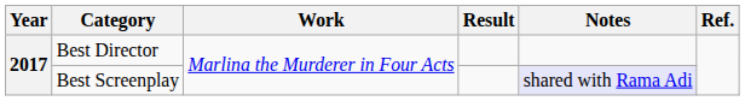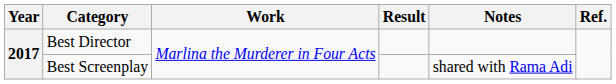 <table class="wikitable plainrowheaders sortable">
 <tr>
 <th>Year</th>
 <th>Category</th>
 <th>Work</th>
 <th>Result</th>
 <th>Notes</th>
 <th class="unsortable">Ref.</th>
 </tr>
 <tr>
 <th rowspan="2">2017</th>
 <td>Best Director</td>
 <td rowspan="2"><em><a href='#'>Marlina the Murderer in Four Acts</a></em></td>
 <td></td>
 <td></td>
 <td rowspan="2"></td>
 </tr>
 <tr>
 <td>Best Screenplay</td>
 <td></td>
-<td style="background: lavender;">shared with <a href='#'>Rama Adi</a></td>
+<td>shared with <a href='#'>Rama Adi</a></td>
 </tr>
 </table>
